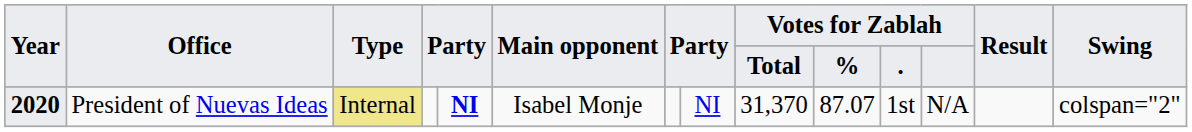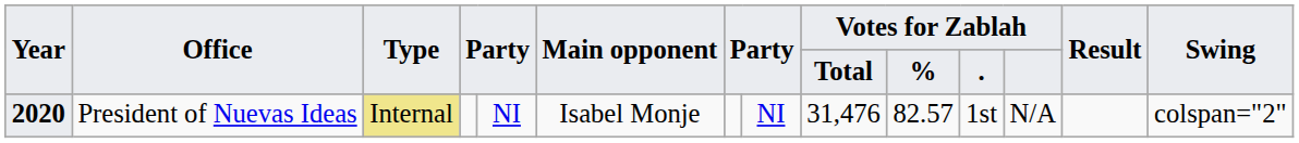 <table class="wikitable" style="font-size:90%; text-align:center;">
 <tr>
 <th style="background-color:#EAECF0;" rowspan="2">Year</th>
 <th style="background-color:#EAECF0;" rowspan="2">Office</th>
 <th style="background-color:#EAECF0;" rowspan="2">Type</th>
 <th style="background-color:#EAECF0;" colspan="2" rowspan="2">Party</th>
 <th style="background-color:#EAECF0;" rowspan="2">Main opponent</th>
 <th style="background-color:#EAECF0;" colspan="2" rowspan="2">Party</th>
 <th style="background-color:#EAECF0;" colspan="4">Votes for Zablah</th>
 <th style="background-color:#EAECF0;" rowspan="2">Result</th>
 <th style="background-color:#EAECF0;" colspan="2" rowspan="2">Swing</th>
 </tr>
 <tr>
 <th style="background-color:#EAECF0;">Total</th>
 <th style="background-color:#EAECF0;">%</th>
 <th style="background-color:#EAECF0;">.</th>
 <th style="background-color:#EAECF0;"></th>
 </tr>
 <tr>
 <th style="background-color:#EAECF0;">2020</th>
 <td>President of <a href='#'>Nuevas Ideas</a></td>
 <td style="background: khaki;">Internal</td>
 <td style="background-color:"></td>
-<td><strong><a href='#'>NI</a></strong></td>
+<td><a href='#'>NI</a></td>
 <td>Isabel Monje</td>
 <td style="background-color:"></td>
 <td><a href='#'>NI</a></td>
-<td>31,370</td>
-<td>87.07</td>
+<td>31,476</td>
+<td>82.57</td>
 <td>1st</td>
 <td>N/A</td>
 <td></td>
 <td>colspan="2" </td>
 </tr>
 </table>
